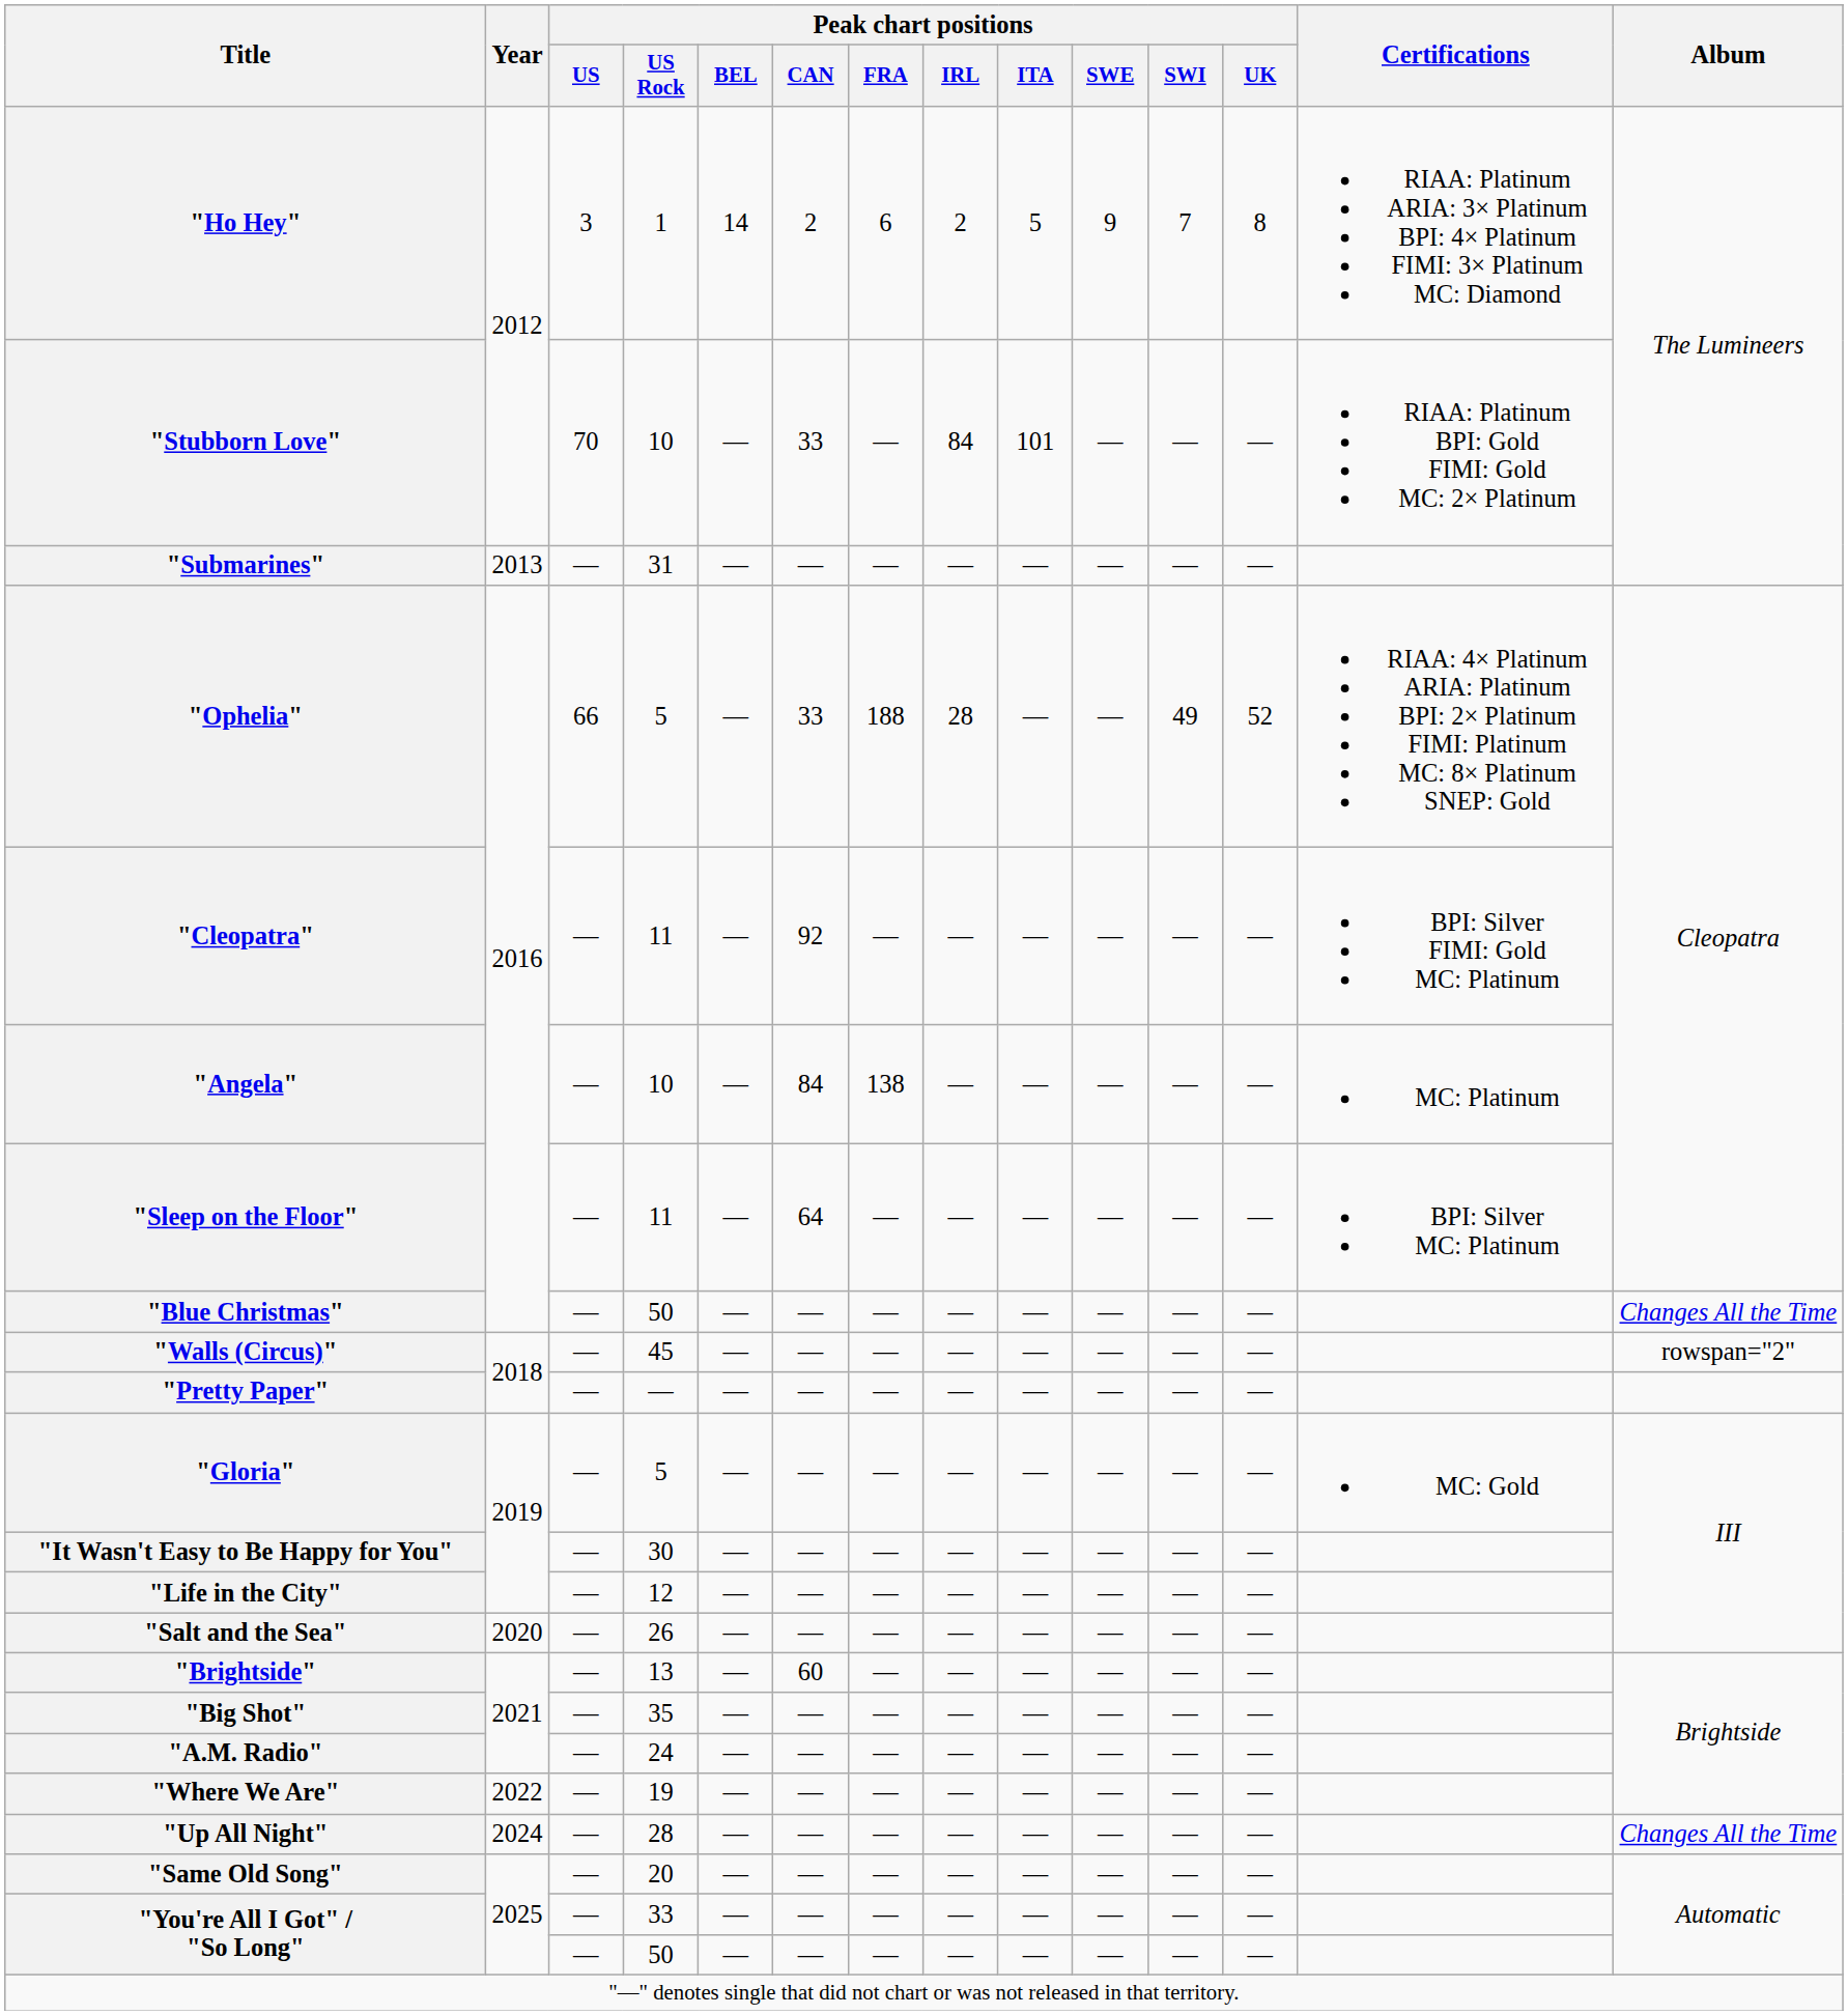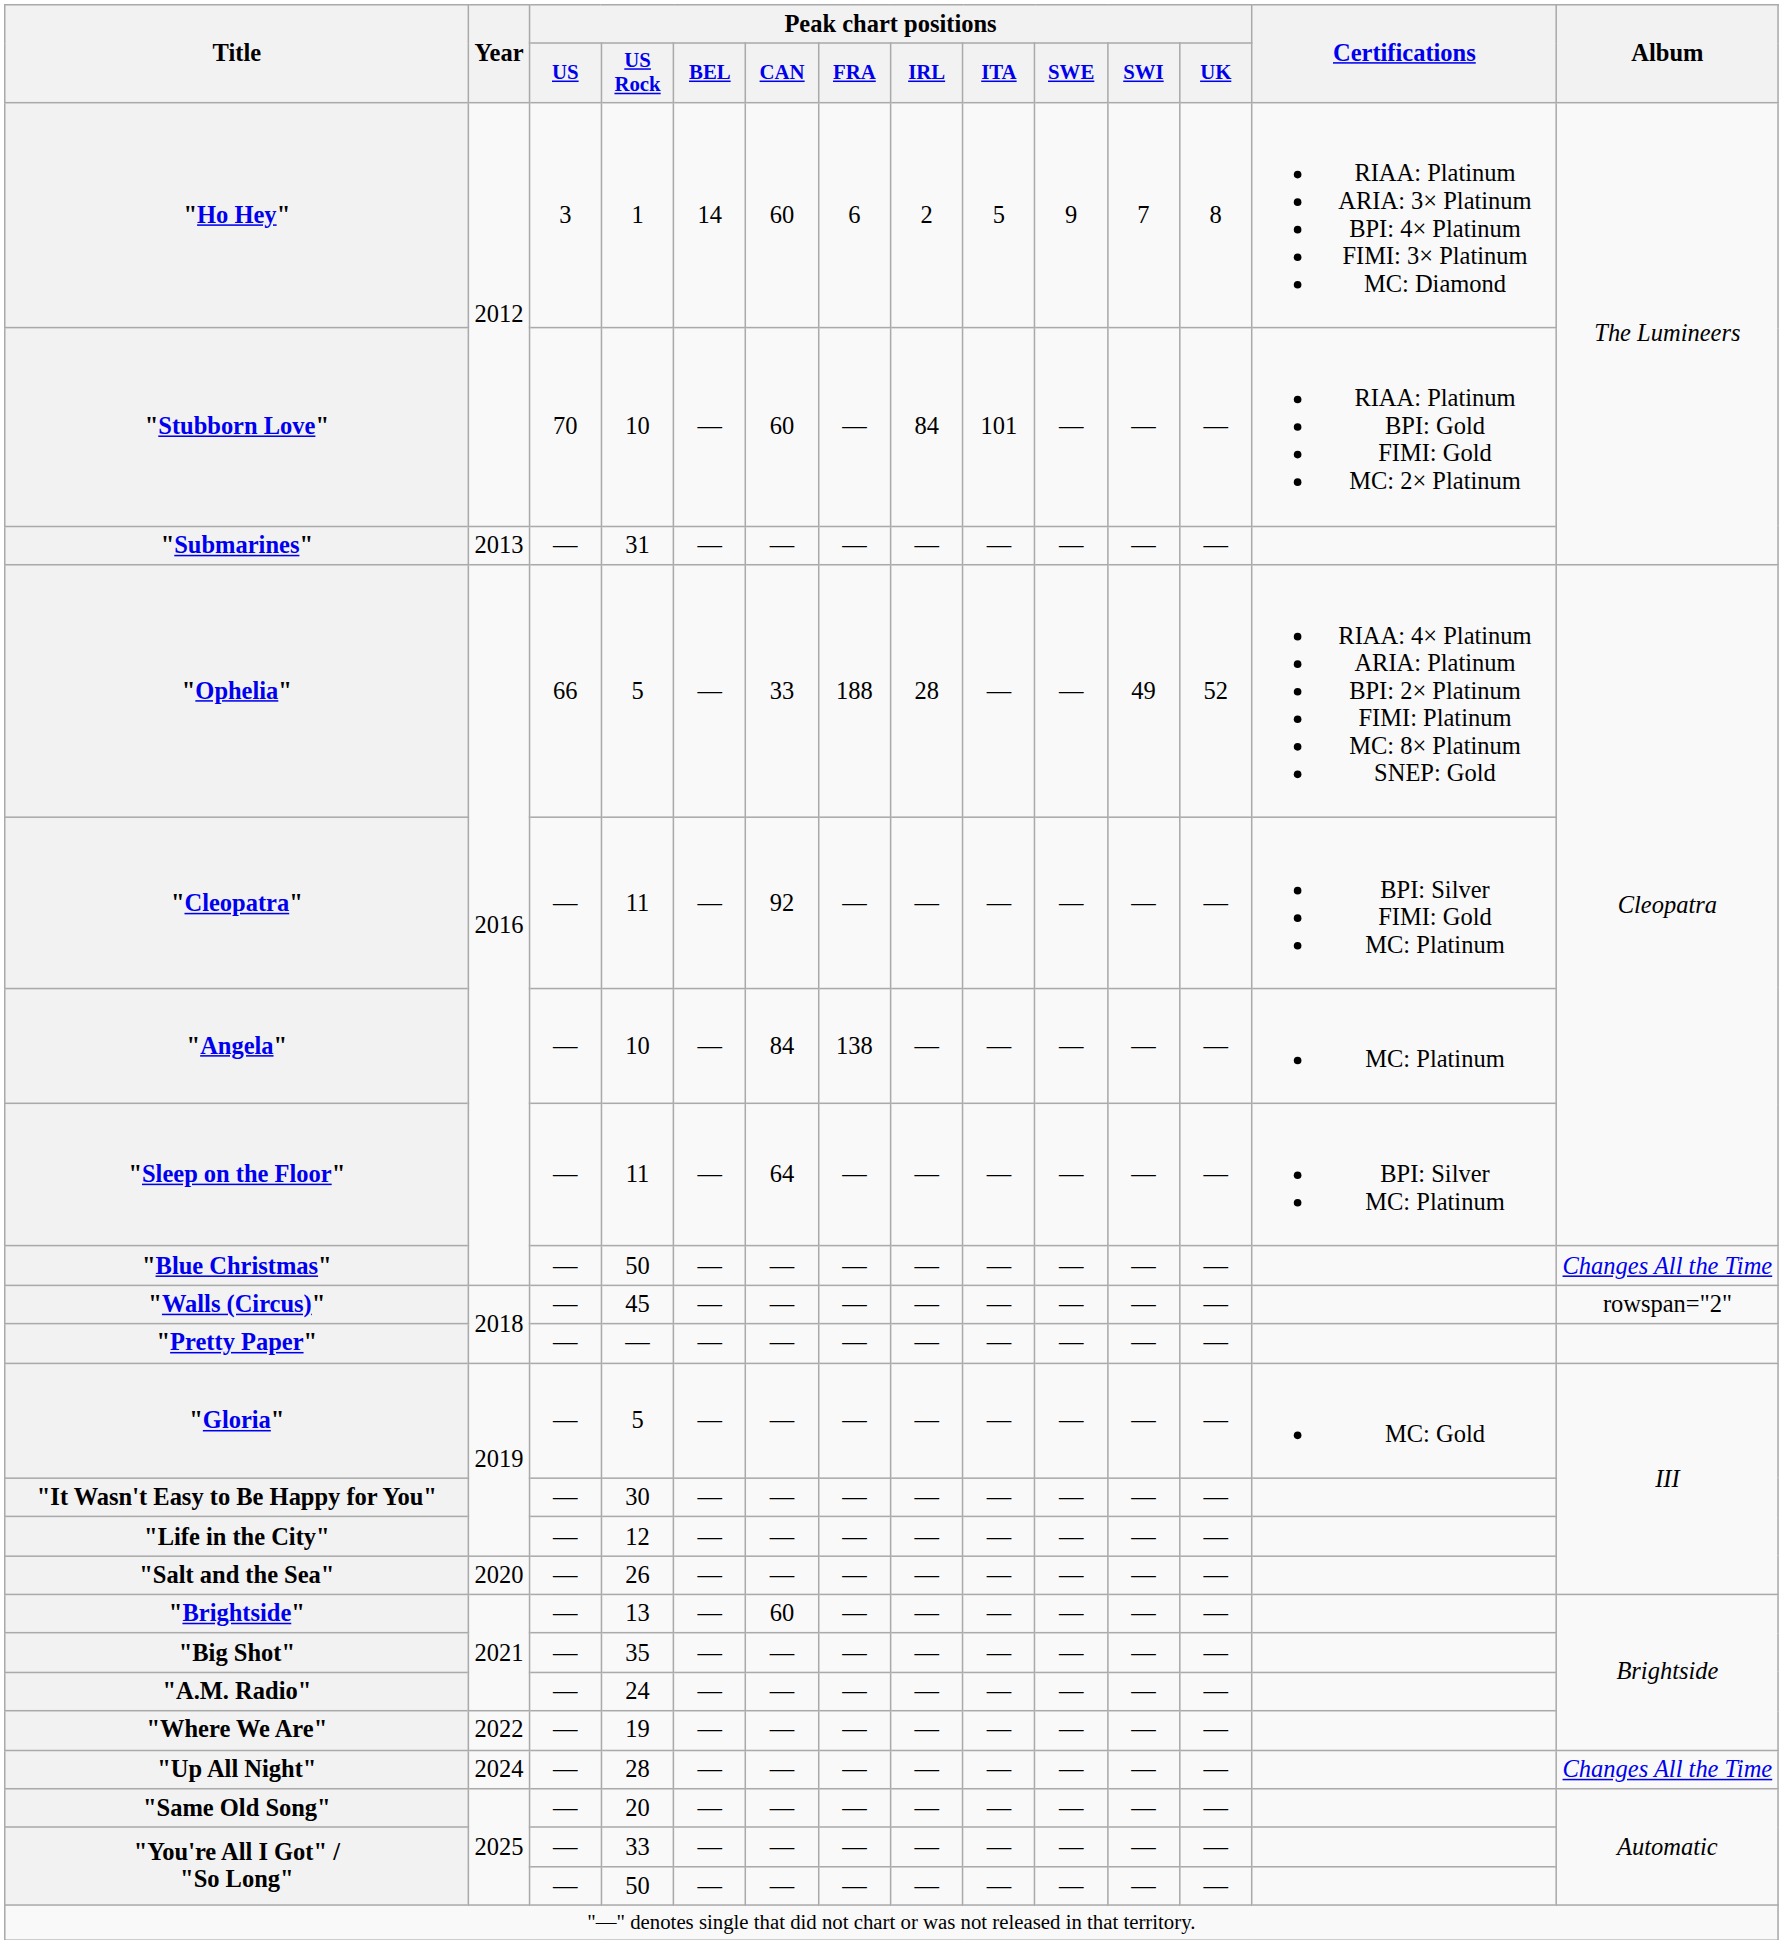 <table class="wikitable plainrowheaders" style="text-align:center;">
 <tr>
 <th scope="col" rowspan="2" style="width:18.5em;">Title</th>
 <th scope="col" rowspan="2">Year</th>
 <th scope="col" colspan="10">Peak chart positions</th>
 <th scope="col" rowspan="2" style="width:12em;"><a href='#'>Certifications</a></th>
 <th scope="col" rowspan="2">Album</th>
 </tr>
 <tr>
 <th scope="col" style="width:3em;font-size:85%;"><a href='#'>US</a><br></th>
 <th scope="col" style="width:3em;font-size:85%;"><a href='#'>US<br>Rock</a><br></th>
 <th scope="col" style="width:3em;font-size:85%;"><a href='#'>BEL</a><br></th>
 <th scope="col" style="width:3em;font-size:85%;"><a href='#'>CAN</a><br></th>
 <th scope="col" style="width:3em;font-size:85%;"><a href='#'>FRA</a><br></th>
 <th scope="col" style="width:3em;font-size:85%;"><a href='#'>IRL</a><br></th>
 <th scope="col" style="width:3em;font-size:85%;"><a href='#'>ITA</a><br></th>
 <th scope="col" style="width:3em;font-size:85%;"><a href='#'>SWE</a><br></th>
 <th scope="col" style="width:3em;font-size:85%;"><a href='#'>SWI</a><br></th>
 <th scope="col" style="width:3em;font-size:85%;"><a href='#'>UK</a><br></th>
 </tr>
 <tr>
 <th scope="row">"<a href='#'>Ho Hey</a>"</th>
 <td rowspan="2">2012</td>
 <td>3</td>
 <td>1</td>
 <td>14</td>
-<td>2</td>
+<td>60</td>
 <td>6</td>
 <td>2</td>
 <td>5</td>
 <td>9</td>
 <td>7</td>
 <td>8</td>
 <td><br><ul><li>RIAA: Platinum</li><li>ARIA: 3× Platinum</li><li>BPI: 4× Platinum</li><li>FIMI: 3× Platinum</li><li>MC: Diamond</li></ul></td>
 <td rowspan="3"><em>The Lumineers</em></td>
 </tr>
 <tr>
 <th scope="row">"<a href='#'>Stubborn Love</a>"</th>
 <td>70</td>
 <td>10</td>
 <td>—</td>
-<td>33</td>
+<td>60</td>
 <td>—</td>
 <td>84</td>
 <td>101</td>
 <td>—</td>
 <td>—</td>
 <td>—</td>
 <td><br><ul><li>RIAA: Platinum</li><li>BPI: Gold</li><li>FIMI: Gold</li><li>MC: 2× Platinum</li></ul></td>
 </tr>
 <tr>
 <th scope="row">"<a href='#'>Submarines</a>"</th>
 <td>2013</td>
 <td>—</td>
 <td>31</td>
 <td>—</td>
 <td>—</td>
 <td>—</td>
 <td>—</td>
 <td>—</td>
 <td>—</td>
 <td>—</td>
 <td>—</td>
 <td></td>
 </tr>
 <tr>
 <th scope="row">"<a href='#'>Ophelia</a>"</th>
 <td rowspan="5">2016</td>
 <td>66</td>
 <td>5</td>
 <td>—</td>
 <td>33</td>
 <td>188</td>
 <td>28<br></td>
 <td>—</td>
 <td>—</td>
 <td>49</td>
 <td>52</td>
 <td><br><ul><li>RIAA: 4× Platinum</li><li>ARIA: Platinum</li><li>BPI: 2× Platinum</li><li>FIMI: Platinum</li><li>MC: 8× Platinum</li><li>SNEP: Gold</li></ul></td>
 <td rowspan="4"><em>Cleopatra</em></td>
 </tr>
 <tr>
 <th scope="row">"<a href='#'>Cleopatra</a>"</th>
 <td>—</td>
 <td>11</td>
 <td>—</td>
 <td>92</td>
 <td>—</td>
 <td>—</td>
 <td>—</td>
 <td>—</td>
 <td>—</td>
 <td>—</td>
 <td><br><ul><li>BPI: Silver</li><li>FIMI: Gold</li><li>MC: Platinum</li></ul></td>
 </tr>
 <tr>
 <th scope="row">"<a href='#'>Angela</a>"</th>
 <td>—</td>
 <td>10</td>
 <td>—</td>
 <td>84</td>
 <td>138</td>
 <td>—</td>
 <td>—</td>
 <td>—</td>
 <td>—</td>
 <td>—</td>
 <td><br><ul><li>MC: Platinum</li></ul></td>
 </tr>
 <tr>
 <th scope="row">"<a href='#'>Sleep on the Floor</a>"</th>
 <td>—</td>
 <td>11</td>
 <td>—</td>
 <td>64</td>
 <td>—</td>
 <td>—</td>
 <td>—</td>
 <td>—</td>
 <td>—</td>
 <td>—</td>
 <td><br><ul><li>BPI: Silver</li><li>MC: Platinum</li></ul></td>
 </tr>
 <tr>
 <th scope="row">"<a href='#'>Blue Christmas</a>"</th>
 <td>—</td>
 <td>50</td>
 <td>—</td>
 <td>—</td>
 <td>—</td>
 <td>—</td>
 <td>—</td>
 <td>—</td>
 <td>—</td>
 <td>—</td>
 <td></td>
 <td><em><a href='#'>Changes All the Time</a></em></td>
 </tr>
 <tr>
 <th scope="row">"<a href='#'>Walls (Circus)</a>"</th>
 <td rowspan="2">2018</td>
 <td>—</td>
 <td>45</td>
 <td>—</td>
 <td>—</td>
 <td>—</td>
 <td>—</td>
 <td>—</td>
 <td>—</td>
 <td>—</td>
 <td>—</td>
 <td></td>
 <td>rowspan="2" </td>
 </tr>
 <tr>
 <th scope="row">"<a href='#'>Pretty Paper</a>"</th>
 <td>—</td>
 <td>—</td>
 <td>—</td>
 <td>—</td>
 <td>—</td>
 <td>—</td>
 <td>—</td>
 <td>—</td>
 <td>—</td>
 <td>—</td>
 <td></td>
 </tr>
 <tr>
 <th scope="row">"<a href='#'>Gloria</a>"</th>
 <td rowspan="3">2019</td>
 <td>—</td>
 <td>5</td>
 <td>—</td>
 <td>—</td>
 <td>—</td>
 <td>—</td>
 <td>—</td>
 <td>—</td>
 <td>—</td>
 <td>—</td>
 <td><br><ul><li>MC: Gold</li></ul></td>
 <td rowspan="4"><em>III</em></td>
 </tr>
 <tr>
 <th scope="row">"It Wasn't Easy to Be Happy for You"</th>
 <td>—</td>
 <td>30</td>
 <td>—</td>
 <td>—</td>
 <td>—</td>
 <td>—</td>
 <td>—</td>
 <td>—</td>
 <td>—</td>
 <td>—</td>
 <td></td>
 </tr>
 <tr>
 <th scope="row">"Life in the City"</th>
 <td>—</td>
 <td>12</td>
 <td>—</td>
 <td>—</td>
 <td>—</td>
 <td>—</td>
 <td>—</td>
 <td>—</td>
 <td>—</td>
 <td>—</td>
 <td></td>
 </tr>
 <tr>
 <th scope="row">"Salt and the Sea"</th>
 <td>2020</td>
 <td>—</td>
 <td>26</td>
 <td>—</td>
 <td>—</td>
 <td>—</td>
 <td>—</td>
 <td>—</td>
 <td>—</td>
 <td>—</td>
 <td>—</td>
 <td></td>
 </tr>
 <tr>
 <th scope="row">"<a href='#'>Brightside</a>"</th>
 <td rowspan="3">2021</td>
 <td>—</td>
 <td>13</td>
 <td>—</td>
 <td>60</td>
 <td>—</td>
 <td>—</td>
 <td>—</td>
 <td>—</td>
 <td>—</td>
 <td>—</td>
 <td></td>
 <td rowspan="4"><em>Brightside</em></td>
 </tr>
 <tr>
 <th scope="row">"Big Shot"</th>
 <td>—</td>
 <td>35</td>
 <td>—</td>
 <td>—</td>
 <td>—</td>
 <td>—</td>
 <td>—</td>
 <td>—</td>
 <td>—</td>
 <td>—</td>
 <td></td>
 </tr>
 <tr>
 <th scope="row">"A.M. Radio"</th>
 <td>—</td>
 <td>24</td>
 <td>—</td>
 <td>—</td>
 <td>—</td>
 <td>—</td>
 <td>—</td>
 <td>—</td>
 <td>—</td>
 <td>—</td>
 <td></td>
 </tr>
 <tr>
 <th scope="row">"Where We Are"</th>
 <td>2022</td>
 <td>—</td>
 <td>19</td>
 <td>—</td>
 <td>—</td>
 <td>—</td>
 <td>—</td>
 <td>—</td>
 <td>—</td>
 <td>—</td>
 <td>—</td>
 <td></td>
 </tr>
 <tr>
 <th scope="row">"Up All Night"<br></th>
 <td rowspan="1">2024</td>
 <td>—</td>
 <td>28</td>
 <td>—</td>
 <td>—</td>
 <td>—</td>
 <td>—</td>
 <td>—</td>
 <td>—</td>
 <td>—</td>
 <td>—</td>
 <td></td>
 <td><em><a href='#'>Changes All the Time</a></em></td>
 </tr>
 <tr>
 <th scope="row">"Same Old Song"</th>
 <td rowspan="3">2025</td>
 <td>—</td>
 <td>20</td>
 <td>—</td>
 <td>—</td>
 <td>—</td>
 <td>—</td>
 <td>—</td>
 <td>—</td>
 <td>—</td>
 <td>—</td>
 <td></td>
 <td rowspan="3"><em>Automatic</em></td>
 </tr>
 <tr>
 <th scope="row" rowspan="2">"You're All I Got" /<br>"So Long"</th>
 <td>—</td>
 <td>33</td>
 <td>—</td>
 <td>—</td>
 <td>—</td>
 <td>—</td>
 <td>—</td>
 <td>—</td>
 <td>—</td>
 <td>—</td>
 </tr>
 <tr>
 <td>—</td>
 <td>50</td>
 <td>—</td>
 <td>—</td>
 <td>—</td>
 <td>—</td>
 <td>—</td>
 <td>—</td>
 <td>—</td>
 <td>—</td>
 <td></td>
 </tr>
 <tr>
 <td colspan="18" style="font-size:85%;">"—" denotes single that did not chart or was not released in that territory.</td>
 </tr>
 </table>
